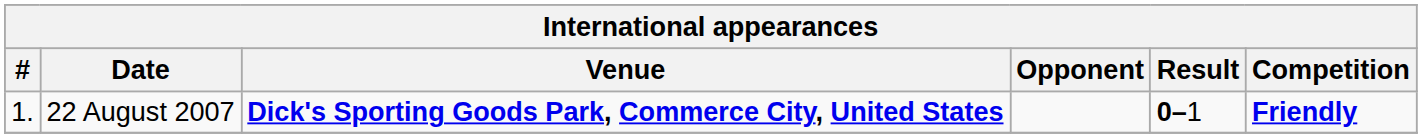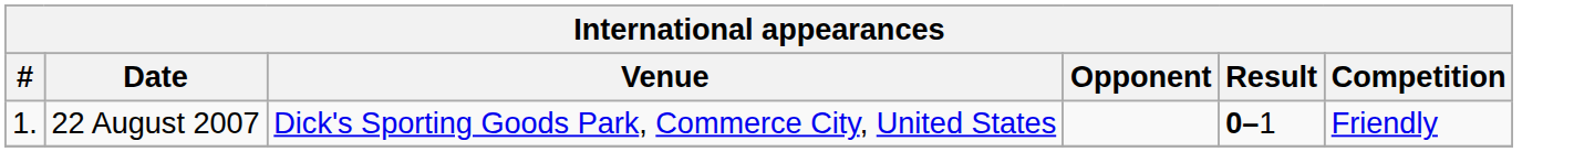 <table class="wikitable collapsible collapsed" style="font-size:90%">
 <tr>
 <th colspan="7"><strong>International appearances</strong></th>
 </tr>
 <tr>
 <th>#</th>
 <th>Date</th>
 <th>Venue</th>
 <th>Opponent</th>
 <th>Result</th>
 <th>Competition</th>
 </tr>
 <tr>
 <td>1.</td>
 <td>22 August 2007</td>
-<td><strong><a href='#'>Dick's Sporting Goods Park</a>, <a href='#'>Commerce City</a>, <a href='#'>United States</a></strong></td>
+<td><a href='#'>Dick's Sporting Goods Park</a>, <a href='#'>Commerce City</a>, <a href='#'>United States</a></td>
 <td></td>
 <td><strong>0–</strong>1</td>
-<td><strong><a href='#'>Friendly</a></strong></td>
+<td><a href='#'>Friendly</a></td>
 </tr>
 <tr>
 </tr>
 </table>
